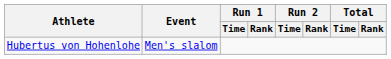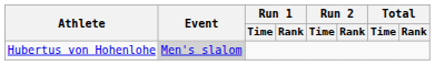 <table class="wikitable" style="font-size:90%">
 <tr>
 <th rowspan=2>Athlete</th>
 <th rowspan=2>Event</th>
 <th colspan=2>Run 1</th>
 <th colspan=2>Run 2</th>
 <th colspan=2>Total</th>
 </tr>
 <tr style="font-size:95%">
 <th>Time</th>
 <th>Rank</th>
 <th>Time</th>
 <th>Rank</th>
 <th>Time</th>
 <th>Rank</th>
 </tr>
 <tr align=center>
 <td align=left><a href='#'>Hubertus von Hohenlohe</a></td>
-<td align=left><a href='#'>Men's slalom</a></td>
+<td align=left style="background: lightgrey;"><a href='#'>Men's slalom</a></td>
 <td colspan=6></td>
 </tr>
 </table>
